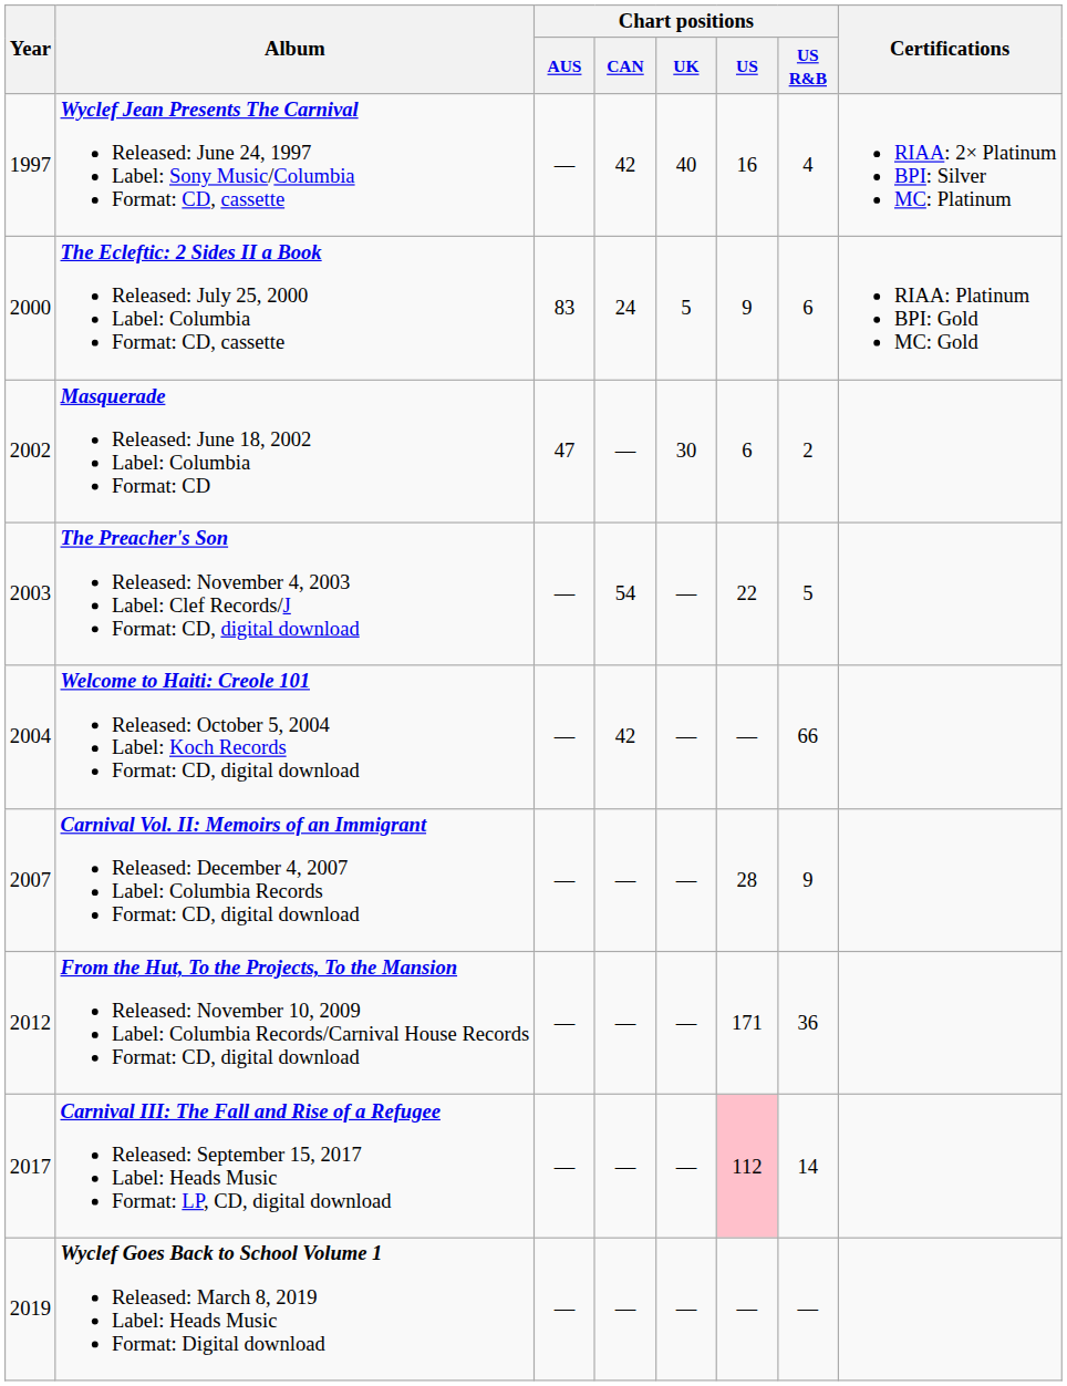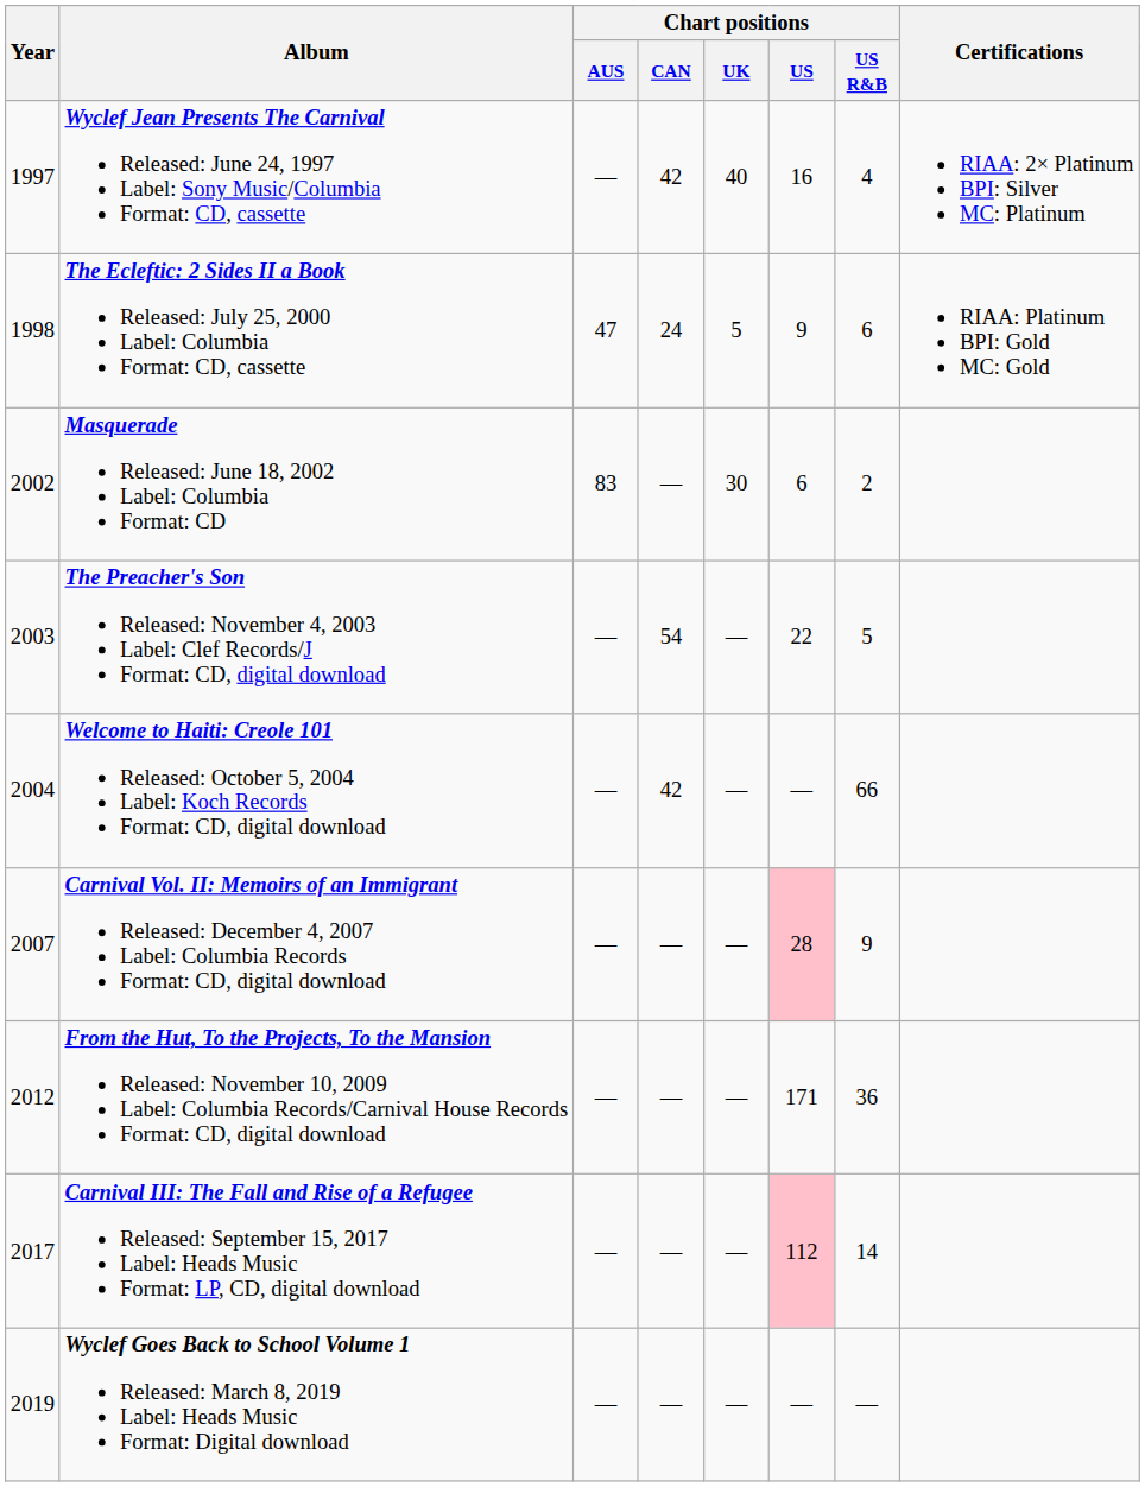 <table class="wikitable">
 <tr>
 <th rowspan="2">Year</th>
 <th rowspan="2">Album</th>
 <th colspan="5">Chart positions</th>
 <th rowspan="2">Certifications</th>
 </tr>
 <tr>
 <th align="center" width="40"><small><a href='#'>AUS</a></small><br></th>
 <th align="center" width="40"><small><a href='#'>CAN</a></small><br></th>
 <th align="center" width="40"><small><a href='#'>UK</a><br></small></th>
 <th align="center" width="40"><small><a href='#'>US</a></small><br></th>
 <th align="center" width="40"><small><a href='#'>US R&B</a></small><br></th>
 </tr>
 <tr>
 <td>1997</td>
 <td><strong><em><a href='#'>Wyclef Jean Presents The Carnival</a></em></strong><br><ul><li>Released: June 24, 1997</li><li>Label: <a href='#'>Sony Music</a>/<a href='#'>Columbia</a></li><li>Format: <a href='#'>CD</a>, <a href='#'>cassette</a></li></ul></td>
 <td align="center">—</td>
 <td align="center">42</td>
 <td align="center">40</td>
 <td align="center">16</td>
 <td align="center">4</td>
 <td><br><ul><li><a href='#'>RIAA</a>: 2× Platinum</li><li><a href='#'>BPI</a>: Silver</li><li><a href='#'>MC</a>: Platinum</li></ul></td>
 </tr>
 <tr>
-<td>2000</td>
+<td>1998</td>
 <td><strong><em><a href='#'>The Ecleftic: 2 Sides II a Book</a></em></strong><br><ul><li>Released: July 25, 2000</li><li>Label: Columbia</li><li>Format: CD, cassette</li></ul></td>
-<td align="center">83</td>
+<td align="center">47</td>
 <td align="center">24</td>
 <td align="center">5</td>
 <td align="center">9</td>
 <td align="center">6</td>
 <td><br><ul><li>RIAA: Platinum</li><li>BPI: Gold</li><li>MC: Gold</li></ul></td>
 </tr>
 <tr>
 <td>2002</td>
 <td><strong><em><a href='#'>Masquerade</a></em></strong><br><ul><li>Released: June 18, 2002</li><li>Label: Columbia</li><li>Format: CD</li></ul></td>
-<td align="center">47</td>
+<td align="center">83</td>
 <td align="center">—</td>
 <td align="center">30</td>
 <td align="center">6</td>
 <td align="center">2</td>
 <td></td>
 </tr>
 <tr>
 <td>2003</td>
 <td><strong><em><a href='#'>The Preacher's Son</a></em></strong><br><ul><li>Released: November 4, 2003</li><li>Label: Clef Records/<a href='#'>J</a></li><li>Format: CD, <a href='#'>digital download</a></li></ul></td>
 <td align="center">—</td>
 <td align="center">54</td>
 <td align="center">—</td>
 <td align="center">22</td>
 <td align="center">5</td>
 <td></td>
 </tr>
 <tr>
 <td>2004</td>
 <td><strong><em><a href='#'>Welcome to Haiti: Creole 101</a></em></strong><br><ul><li>Released: October 5, 2004</li><li>Label: <a href='#'>Koch Records</a></li><li>Format: CD, digital download</li></ul></td>
 <td align="center">—</td>
 <td align="center">42</td>
 <td align="center">—</td>
 <td align="center">—</td>
 <td align="center">66</td>
 <td></td>
 </tr>
 <tr>
 <td>2007</td>
 <td><strong><em><a href='#'>Carnival Vol. II: Memoirs of an Immigrant</a></em></strong><br><ul><li>Released: December 4, 2007</li><li>Label: Columbia Records</li><li>Format: CD, digital download</li></ul></td>
 <td align="center">—</td>
 <td align="center">—</td>
 <td align="center">—</td>
-<td align="center">28</td>
+<td align="center" style="background: pink;">28</td>
 <td align="center">9</td>
 <td></td>
 </tr>
 <tr>
 <td>2012</td>
 <td><strong><em><a href='#'>From the Hut, To the Projects, To the Mansion</a></em></strong><br><ul><li>Released: November 10, 2009</li><li>Label: Columbia Records/Carnival House Records</li><li>Format: CD, digital download</li></ul></td>
 <td align="center">—</td>
 <td align="center">—</td>
 <td align="center">—</td>
 <td align="center">171</td>
 <td align="center">36</td>
 <td></td>
 </tr>
 <tr>
 <td>2017</td>
 <td><strong><em><a href='#'>Carnival III: The Fall and Rise of a Refugee</a></em></strong><br><ul><li>Released: September 15, 2017</li><li>Label: Heads Music</li><li>Format: <a href='#'>LP</a>, CD, digital download</li></ul></td>
 <td align="center">—</td>
 <td align="center">—</td>
 <td align="center">—</td>
 <td align="center" style="background: pink;">112</td>
 <td align="center">14</td>
 <td></td>
 </tr>
 <tr>
 <td>2019</td>
 <td><strong><em>Wyclef Goes Back to School Volume 1</em></strong><br><ul><li>Released: March 8, 2019</li><li>Label: Heads Music</li><li>Format: Digital download</li></ul></td>
 <td align="center">—</td>
 <td align="center">—</td>
 <td align="center">—</td>
 <td align="center">—</td>
 <td align="center">—</td>
 <td></td>
 </tr>
 </table>
